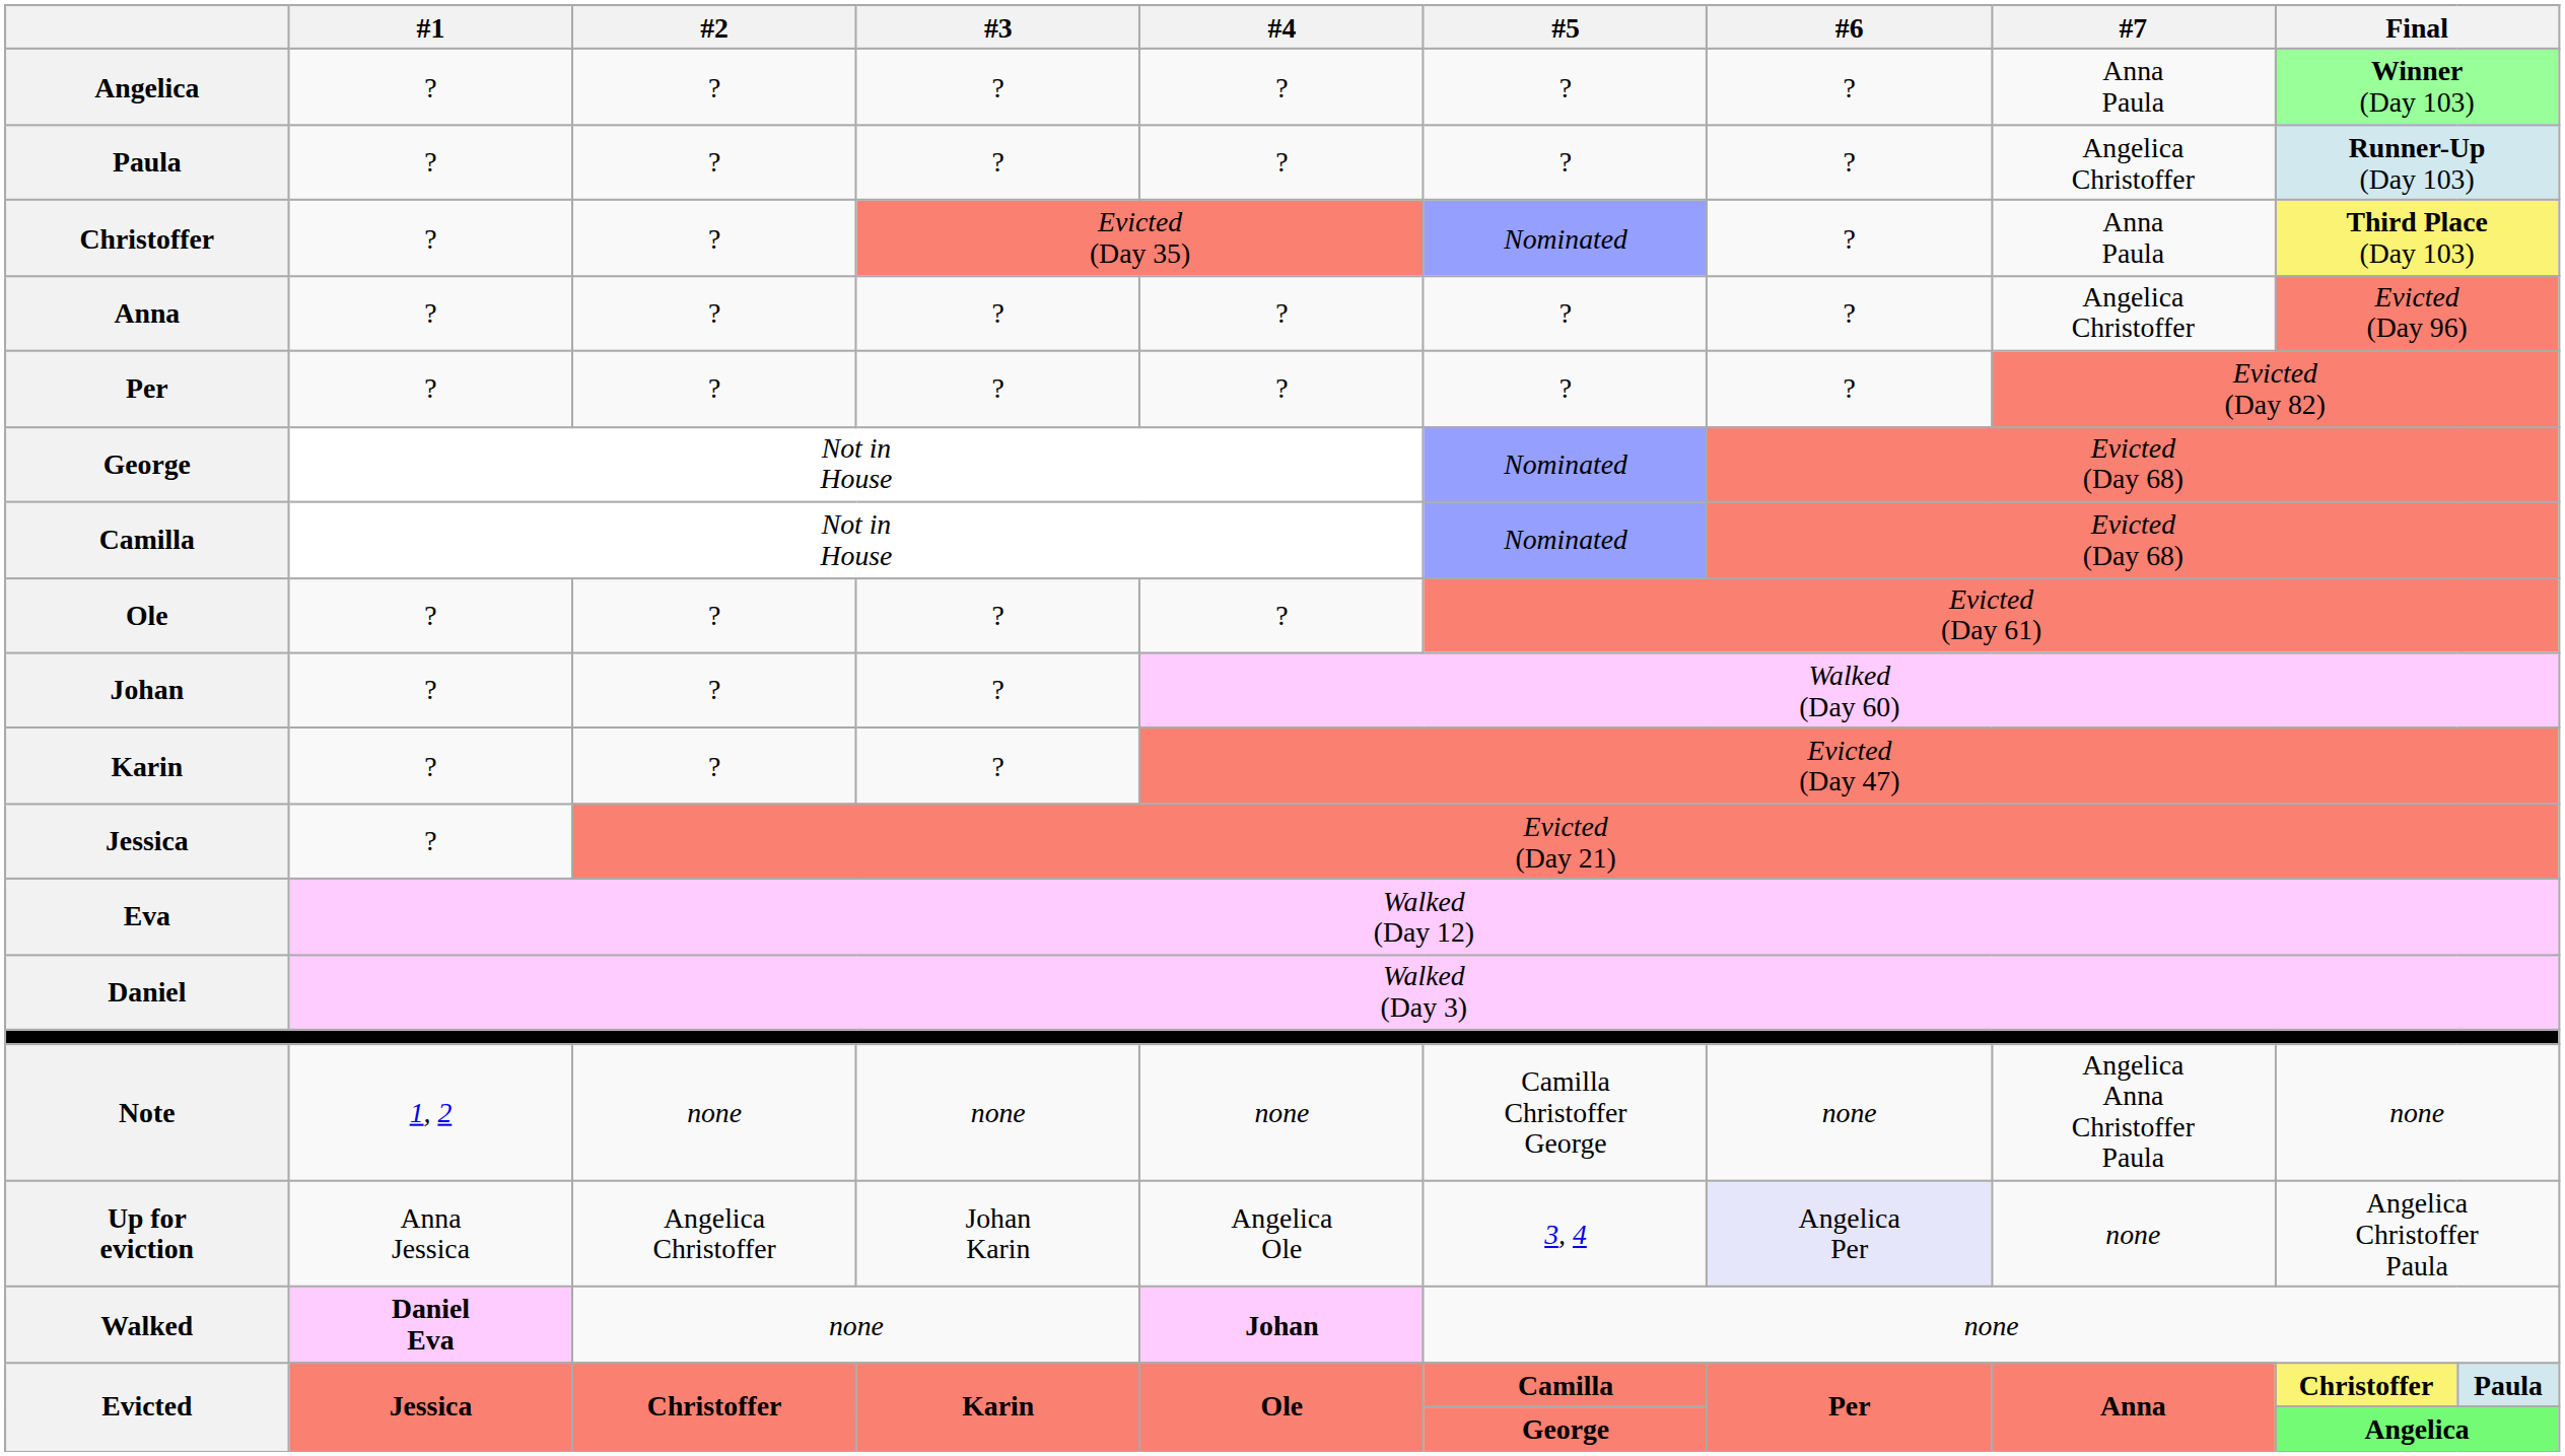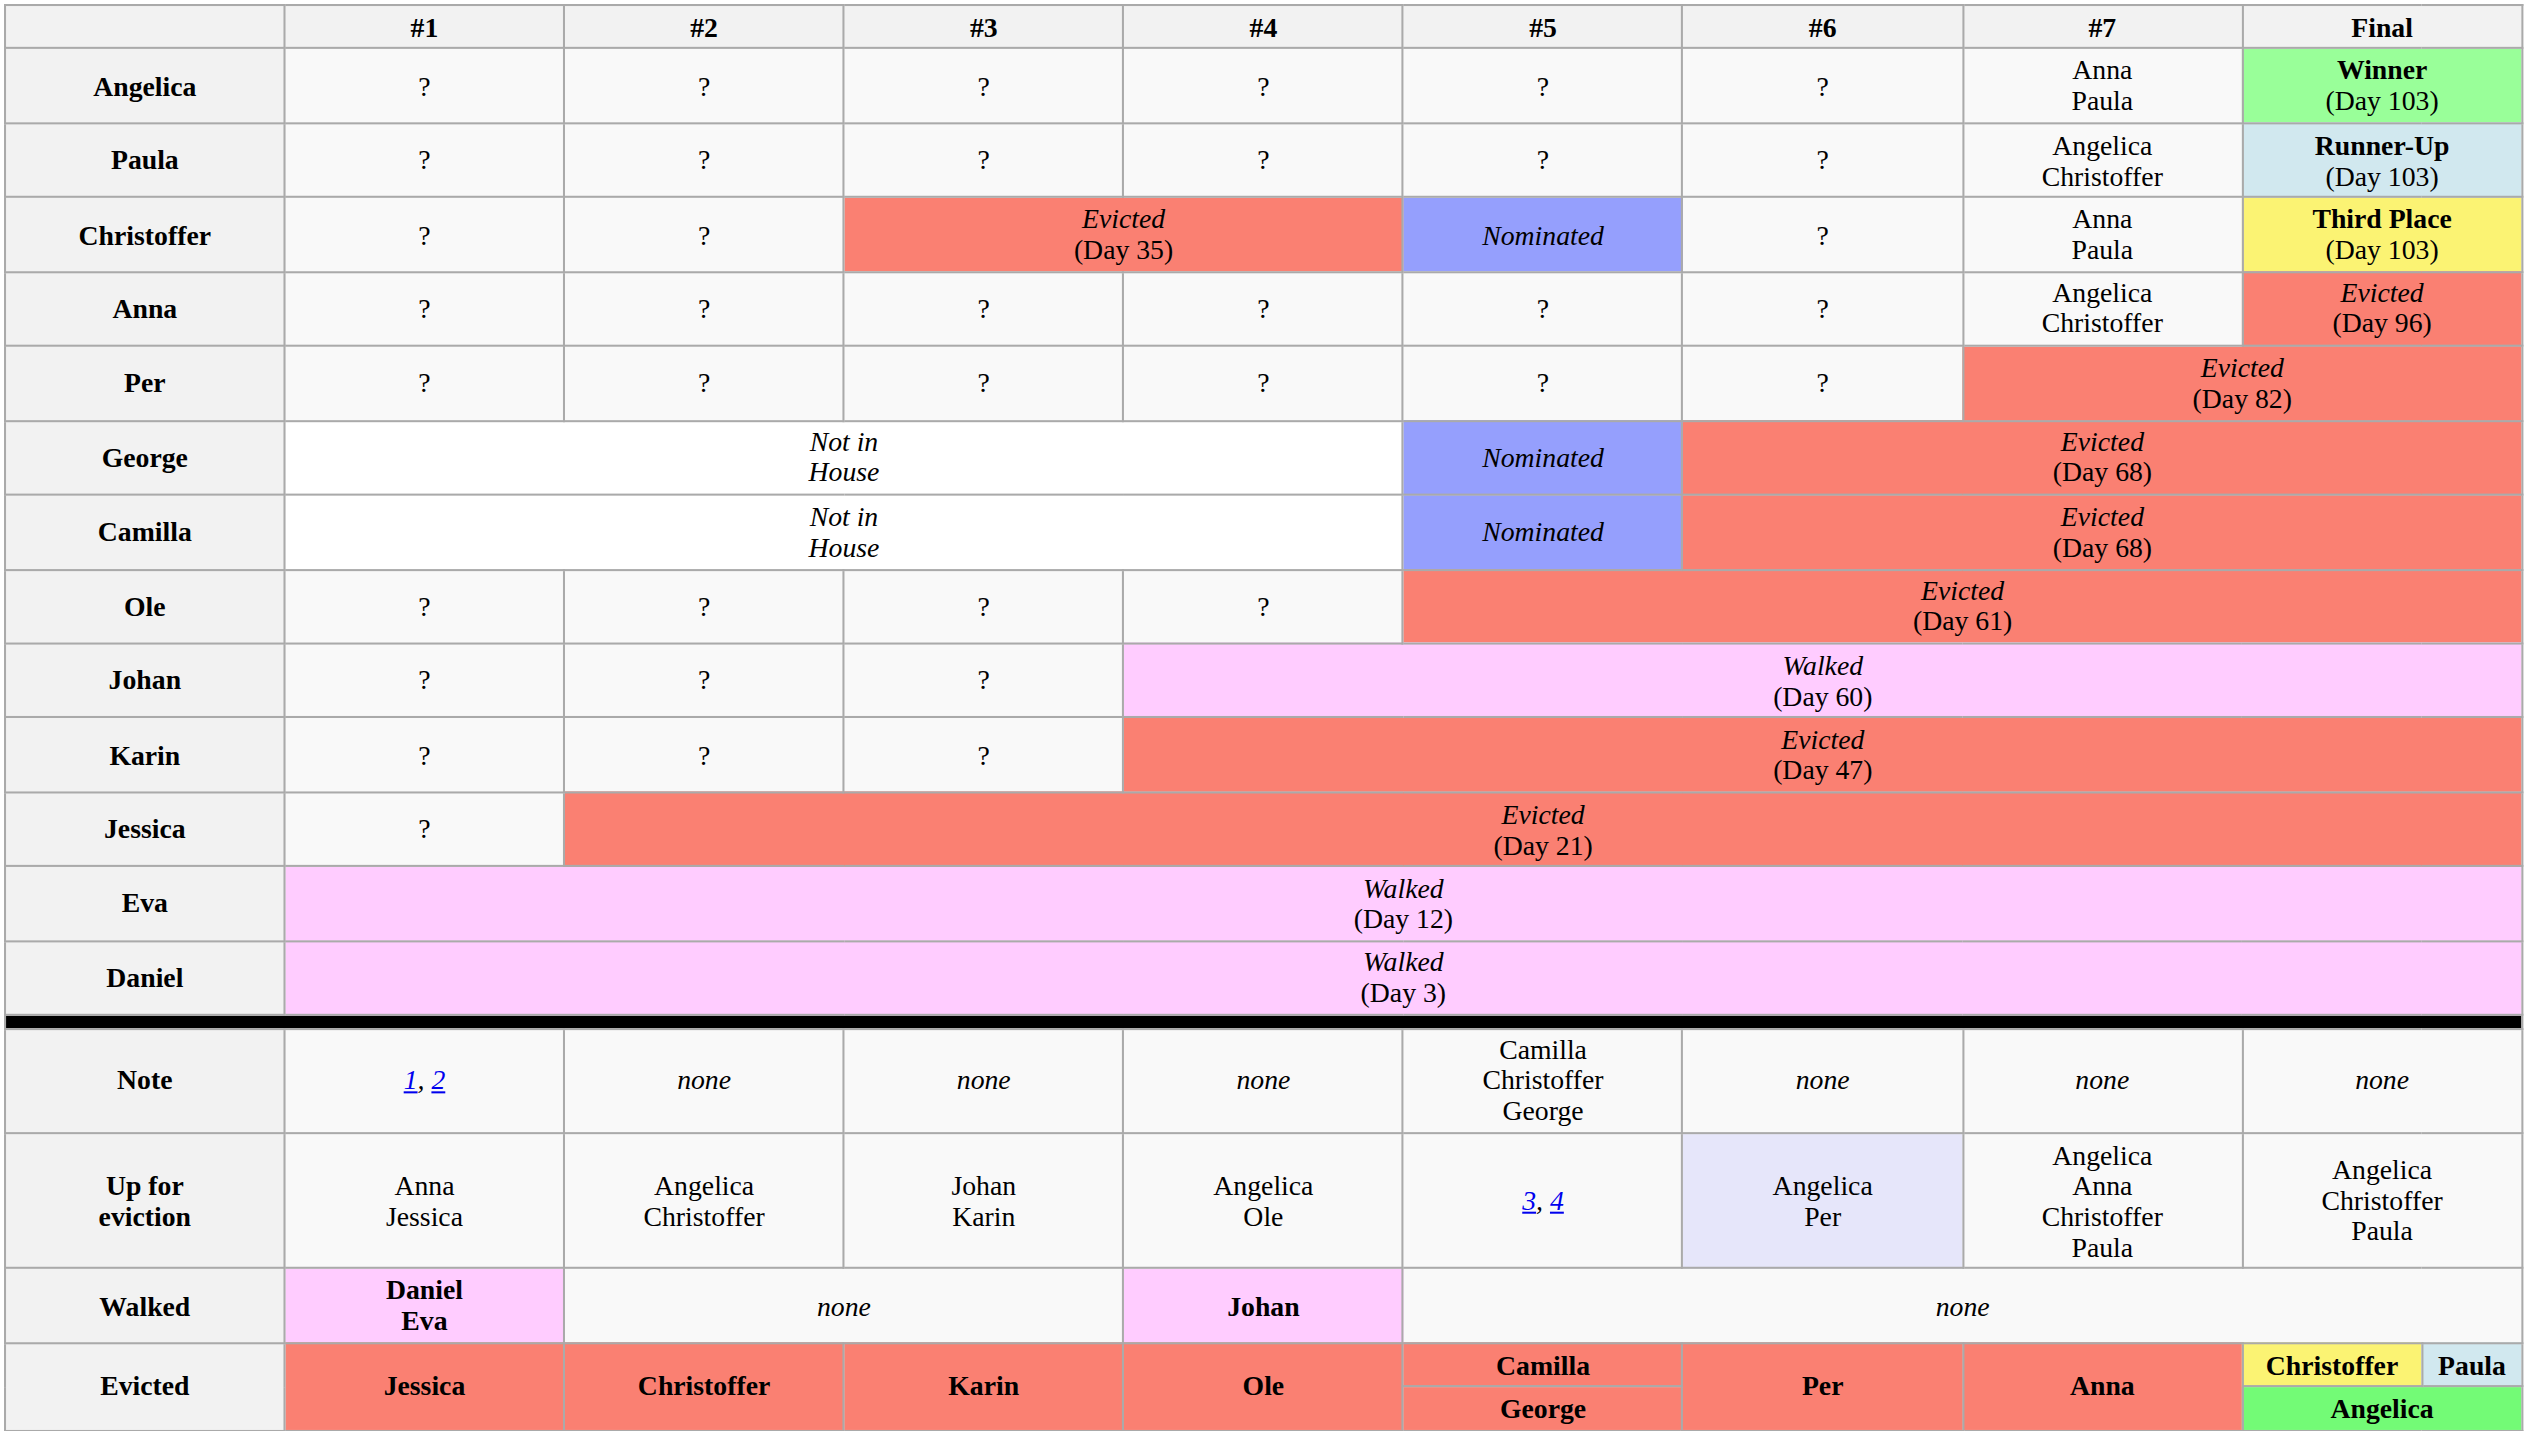 <table class="wikitable" style="text-align:center; font-size:85%; line-height:15px;">
 <tr>
 <th style="width: 9%;"></th>
 <th style="width: 9%;">#1</th>
 <th style="width: 9%;">#2</th>
 <th style="width: 9%;">#3</th>
 <th style="width: 9%;">#4</th>
 <th style="width: 9%;">#5</th>
 <th style="width: 9%;">#6</th>
 <th style="width: 9%;">#7</th>
 <th style="width: 9%;" colspan="2">Final</th>
 </tr>
 <tr>
 <th>Angelica</th>
 <td>?</td>
 <td>?</td>
 <td>?</td>
 <td>?</td>
 <td>?</td>
 <td>?</td>
 <td>Anna<br>Paula</td>
 <td style="background:#99FF99" colspan="2"><strong>Winner</strong><br>(Day 103)</td>
 </tr>
 <tr>
 <th>Paula</th>
 <td>?</td>
 <td>?</td>
 <td>?</td>
 <td>?</td>
 <td>?</td>
 <td>?</td>
 <td>Angelica<br>Christoffer</td>
 <td style="background:#D1E8EF" colspan="2"><strong>Runner-Up</strong><br>(Day 103)</td>
 </tr>
 <tr>
 <th>Christoffer</th>
 <td>?</td>
 <td>?</td>
 <td style="background:salmon;" colspan="2"><em>Evicted</em><br> (Day 35)</td>
 <td style="background:#959FFD;"><em>Nominated</em></td>
 <td>?</td>
 <td>Anna<br>Paula</td>
 <td style="background:#FBF373" colspan="2"><strong>Third Place</strong><br>(Day 103)</td>
 </tr>
 <tr>
 <th>Anna</th>
 <td>?</td>
 <td>?</td>
 <td>?</td>
 <td>?</td>
 <td>?</td>
 <td>?</td>
 <td>Angelica<br>Christoffer</td>
 <td style="background:salmon;" colspan="2"><em>Evicted</em><br> (Day 96)</td>
 </tr>
 <tr>
 <th>Per</th>
 <td>?</td>
 <td>?</td>
 <td>?</td>
 <td>?</td>
 <td>?</td>
 <td>?</td>
 <td style="background:salmon;" colspan="3"><em>Evicted</em><br> (Day 82)</td>
 </tr>
 <tr>
 <th>George</th>
 <td style="background:white;" colspan="4"><em>Not in<br>House</em></td>
 <td style="background:#959FFD;"><em>Nominated</em></td>
 <td style="background:salmon;" colspan="4"><em>Evicted</em><br> (Day 68)</td>
 </tr>
 <tr>
 <th>Camilla</th>
 <td style="background:white;" colspan="4"><em>Not in<br>House</em></td>
 <td style="background:#959FFD;"><em>Nominated</em></td>
 <td style="background:salmon;" colspan="4"><em>Evicted</em><br> (Day 68)</td>
 </tr>
 <tr>
 <th>Ole</th>
 <td>?</td>
 <td>?</td>
 <td>?</td>
 <td>?</td>
 <td style="background:salmon;" colspan="5"><em>Evicted</em><br> (Day 61)</td>
 </tr>
 <tr>
 <th>Johan</th>
 <td>?</td>
 <td>?</td>
 <td>?</td>
 <td style="background:#FFCCFF;" colspan="6"><em>Walked</em><br> (Day 60)</td>
 </tr>
 <tr>
 <th>Karin</th>
 <td>?</td>
 <td>?</td>
 <td>?</td>
 <td style="background:salmon;" colspan="6"><em>Evicted</em><br> (Day 47)</td>
 </tr>
 <tr>
 <th>Jessica</th>
 <td>?</td>
 <td style="background:salmon;" colspan="8"><em>Evicted</em><br> (Day 21)</td>
 </tr>
 <tr>
 <th>Eva</th>
 <td style="background:#FFCCFF;" colspan="9"><em>Walked</em><br> (Day 12)</td>
 </tr>
 <tr>
 <th>Daniel</th>
 <td style="background:#FFCCFF;" colspan="9"><em>Walked</em><br> (Day 3)</td>
 </tr>
 <tr>
 <td style="background:black" colspan="10"></td>
 </tr>
 <tr>
 <th>Note</th>
 <td><em><a href='#'>1</a>, <a href='#'>2</a></em></td>
 <td><em>none</em></td>
 <td><em>none</em></td>
 <td><em>none</em></td>
 <td>Camilla<br>Christoffer<br>George</td>
 <td><em>none</em></td>
-<td>Angelica<br>Anna<br>Christoffer<br>Paula</td>
+<td><em>none</em></td>
 <td colspan="2"><em>none</em></td>
 </tr>
 <tr>
 <th>Up for<br>eviction</th>
 <td>Anna<br>Jessica</td>
 <td>Angelica<br>Christoffer</td>
 <td>Johan<br>Karin</td>
 <td>Angelica<br>Ole</td>
 <td><em><a href='#'>3</a>, <a href='#'>4</a></em></td>
 <td style="background: lavender;">Angelica<br>Per</td>
-<td><em>none</em></td>
+<td>Angelica<br>Anna<br>Christoffer<br>Paula</td>
 <td colspan="2">Angelica<br>Christoffer<br>Paula</td>
 </tr>
 <tr>
 <th>Walked</th>
 <td style="background:#FFCCFF;"><strong>Daniel<br>Eva</strong></td>
 <td colspan="2"><em>none</em></td>
 <td style="background:#FFCCFF;"><strong>Johan</strong></td>
 <td colspan="5"><em>none</em></td>
 </tr>
 <tr>
 <th rowspan="2">Evicted</th>
 <td style="background:#fa8072;" rowspan="2"><strong>Jessica</strong></td>
 <td style="background:#fa8072;" rowspan="2"><strong>Christoffer</strong></td>
 <td style="background:#fa8072;" rowspan="2"><strong>Karin</strong></td>
 <td style="background:#fa8072;" rowspan="2"><strong>Ole</strong></td>
 <td style="background:#fa8072;"><strong>Camilla</strong></td>
 <td style="background:#fa8072;" rowspan="2"><strong>Per</strong></td>
 <td style="background:#fa8072;" rowspan="2"><strong>Anna</strong></td>
 <td style="background:#FBF373"><strong>Christoffer</strong></td>
 <td style="background:#D1E8EF"><strong>Paula</strong></td>
 </tr>
 <tr>
 <td style="background:#fa8072"><strong>George</strong></td>
 <td style="background:#73FB76" colspan="2"><strong>Angelica</strong></td>
 </tr>
 </table>
